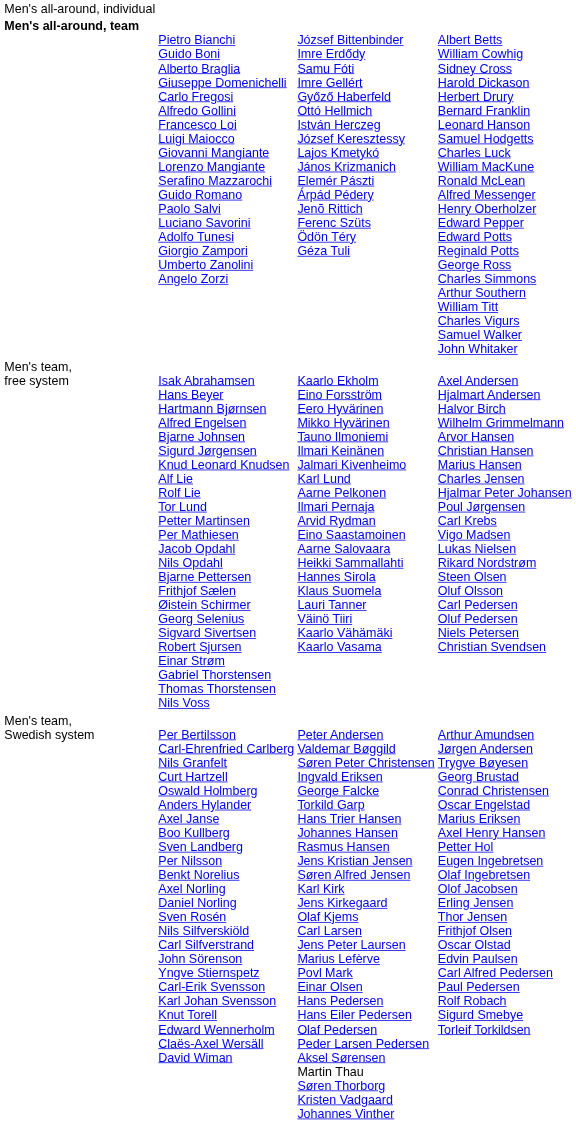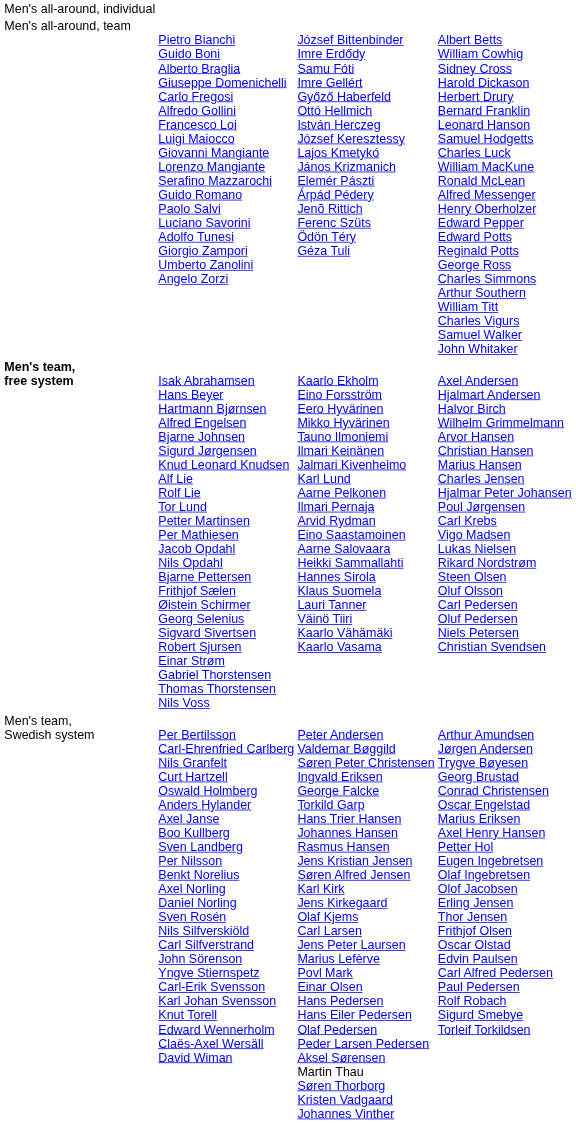 <table>
 <tr>
 <td>Men's all-around, individual <br></td>
 <td></td>
 <td></td>
 <td></td>
 </tr>
 <tr valign="top">
-<td><strong>Men's all-around, team <br></strong></td>
+<td>Men's all-around, team <br></td>
 <td><br><a href='#'>Pietro Bianchi</a><br><a href='#'>Guido Boni</a><br><a href='#'>Alberto Braglia</a><br><a href='#'>Giuseppe Domenichelli</a><br><a href='#'>Carlo Fregosi</a><br><a href='#'>Alfredo Gollini</a><br><a href='#'>Francesco Loi</a><br><a href='#'>Luigi Maiocco</a><br><a href='#'>Giovanni Mangiante</a><br><a href='#'>Lorenzo Mangiante</a><br><a href='#'>Serafino Mazzarochi</a><br><a href='#'>Guido Romano</a><br><a href='#'>Paolo Salvi</a><br><a href='#'>Luciano Savorini</a><br><a href='#'>Adolfo Tunesi</a><br><a href='#'>Giorgio Zampori</a><br><a href='#'>Umberto Zanolini</a><br><a href='#'>Angelo Zorzi</a></td>
 <td><br><a href='#'>József Bittenbinder</a><br><a href='#'>Imre Erdődy</a><br><a href='#'>Samu Fóti</a><br><a href='#'>Imre Gellért</a><br><a href='#'>Győző Haberfeld</a><br><a href='#'>Ottó Hellmich</a><br><a href='#'>István Herczeg</a><br><a href='#'>József Keresztessy</a><br><a href='#'>Lajos Kmetykó</a><br><a href='#'>János Krizmanich</a><br><a href='#'>Elemér Pászti</a><br><a href='#'>Árpád Pédery</a><br><a href='#'>Jenõ Rittich</a><br><a href='#'>Ferenc Szüts</a><br><a href='#'>Ödön Téry</a><br><a href='#'>Géza Tuli</a></td>
 <td><br><a href='#'>Albert Betts</a><br><a href='#'>William Cowhig</a><br><a href='#'>Sidney Cross</a><br><a href='#'>Harold Dickason</a><br><a href='#'>Herbert Drury</a><br><a href='#'>Bernard Franklin</a><br><a href='#'>Leonard Hanson</a><br><a href='#'>Samuel Hodgetts</a><br><a href='#'>Charles Luck</a><br><a href='#'>William MacKune</a><br><a href='#'>Ronald McLean</a><br><a href='#'>Alfred Messenger</a><br><a href='#'>Henry Oberholzer</a><br><a href='#'>Edward Pepper</a><br><a href='#'>Edward Potts</a><br><a href='#'>Reginald Potts</a><br><a href='#'>George Ross</a><br><a href='#'>Charles Simmons</a><br><a href='#'>Arthur Southern</a><br><a href='#'>William Titt</a><br><a href='#'>Charles Vigurs</a><br><a href='#'>Samuel Walker</a><br><a href='#'>John Whitaker</a></td>
 </tr>
 <tr valign="top">
-<td>Men's team,<br> free system<br></td>
+<td><strong>Men's team,<br> free system<br></strong></td>
 <td><br><a href='#'>Isak Abrahamsen</a><br><a href='#'>Hans Beyer</a><br><a href='#'>Hartmann Bjørnsen</a><br><a href='#'>Alfred Engelsen</a><br><a href='#'>Bjarne Johnsen</a><br><a href='#'>Sigurd Jørgensen</a><br><a href='#'>Knud Leonard Knudsen</a><br><a href='#'>Alf Lie</a><br><a href='#'>Rolf Lie</a><br><a href='#'>Tor Lund</a><br><a href='#'>Petter Martinsen</a><br><a href='#'>Per Mathiesen</a><br><a href='#'>Jacob Opdahl</a><br><a href='#'>Nils Opdahl</a><br><a href='#'>Bjarne Pettersen</a><br><a href='#'>Frithjof Sælen</a><br><a href='#'>Øistein Schirmer</a><br><a href='#'>Georg Selenius</a><br><a href='#'>Sigvard Sivertsen</a><br><a href='#'>Robert Sjursen</a><br><a href='#'>Einar Strøm</a><br><a href='#'>Gabriel Thorstensen</a><br><a href='#'>Thomas Thorstensen</a><br><a href='#'>Nils Voss</a></td>
 <td><br><a href='#'>Kaarlo Ekholm</a><br><a href='#'>Eino Forsström</a><br><a href='#'>Eero Hyvärinen</a><br><a href='#'>Mikko Hyvärinen</a><br><a href='#'>Tauno Ilmoniemi</a><br><a href='#'>Ilmari Keinänen</a><br><a href='#'>Jalmari Kivenheimo</a><br><a href='#'>Karl Lund</a><br><a href='#'>Aarne Pelkonen</a><br><a href='#'>Ilmari Pernaja</a><br><a href='#'>Arvid Rydman</a><br><a href='#'>Eino Saastamoinen</a><br><a href='#'>Aarne Salovaara</a><br><a href='#'>Heikki Sammallahti</a><br><a href='#'>Hannes Sirola</a><br><a href='#'>Klaus Suomela</a><br><a href='#'>Lauri Tanner</a><br><a href='#'>Väinö Tiiri</a><br><a href='#'>Kaarlo Vähämäki</a><br><a href='#'>Kaarlo Vasama</a></td>
 <td><br><a href='#'>Axel Andersen</a><br><a href='#'>Hjalmart Andersen</a><br><a href='#'>Halvor Birch</a><br><a href='#'>Wilhelm Grimmelmann</a><br><a href='#'>Arvor Hansen</a><br><a href='#'>Christian Hansen</a><br><a href='#'>Marius Hansen</a><br><a href='#'>Charles Jensen</a><br><a href='#'>Hjalmar Peter Johansen</a><br><a href='#'>Poul Jørgensen</a><br><a href='#'>Carl Krebs</a><br><a href='#'>Vigo Madsen</a><br><a href='#'>Lukas Nielsen</a><br><a href='#'>Rikard Nordstrøm</a><br><a href='#'>Steen Olsen</a><br><a href='#'>Oluf Olsson</a><br><a href='#'>Carl Pedersen</a><br><a href='#'>Oluf Pedersen</a><br><a href='#'>Niels Petersen</a><br><a href='#'>Christian Svendsen</a></td>
 </tr>
 <tr valign="top">
 <td>Men's team,<br> Swedish system<br></td>
 <td><br><a href='#'>Per Bertilsson</a><br><a href='#'>Carl-Ehrenfried Carlberg</a><br><a href='#'>Nils Granfelt</a><br><a href='#'>Curt Hartzell</a><br><a href='#'>Oswald Holmberg</a><br><a href='#'>Anders Hylander</a><br><a href='#'>Axel Janse</a><br><a href='#'>Boo Kullberg</a><br><a href='#'>Sven Landberg</a><br><a href='#'>Per Nilsson</a><br><a href='#'>Benkt Norelius</a><br><a href='#'>Axel Norling</a><br><a href='#'>Daniel Norling</a><br><a href='#'>Sven Rosén</a><br><a href='#'>Nils Silfverskiöld</a><br><a href='#'>Carl Silfverstrand</a><br><a href='#'>John Sörenson</a><br><a href='#'>Yngve Stiernspetz</a><br><a href='#'>Carl-Erik Svensson</a><br><a href='#'>Karl Johan Svensson</a><br><a href='#'>Knut Torell</a><br><a href='#'>Edward Wennerholm</a><br><a href='#'>Claës-Axel Wersäll</a><br><a href='#'>David Wiman</a></td>
 <td><br><a href='#'>Peter Andersen</a><br><a href='#'>Valdemar Bøggild</a><br><a href='#'>Søren Peter Christensen</a><br><a href='#'>Ingvald Eriksen</a><br><a href='#'>George Falcke</a><br><a href='#'>Torkild Garp</a><br><a href='#'>Hans Trier Hansen</a><br><a href='#'>Johannes Hansen</a><br><a href='#'>Rasmus Hansen</a><br><a href='#'>Jens Kristian Jensen</a><br><a href='#'>Søren Alfred Jensen</a><br><a href='#'>Karl Kirk</a><br><a href='#'>Jens Kirkegaard</a><br><a href='#'>Olaf Kjems</a><br><a href='#'>Carl Larsen</a><br><a href='#'>Jens Peter Laursen</a><br><a href='#'>Marius Lefèrve</a><br><a href='#'>Povl Mark</a><br><a href='#'>Einar Olsen</a><br><a href='#'>Hans Pedersen</a><br><a href='#'>Hans Eiler Pedersen</a><br><a href='#'>Olaf Pedersen</a><br><a href='#'>Peder Larsen Pedersen</a><br><a href='#'>Aksel Sørensen</a><br>Martin Thau<br><a href='#'>Søren Thorborg</a><br><a href='#'>Kristen Vadgaard</a><br><a href='#'>Johannes Vinther</a></td>
 <td><br><a href='#'>Arthur Amundsen</a><br><a href='#'>Jørgen Andersen</a><br><a href='#'>Trygve Bøyesen</a><br><a href='#'>Georg Brustad</a><br><a href='#'>Conrad Christensen</a><br><a href='#'>Oscar Engelstad</a><br><a href='#'>Marius Eriksen</a><br><a href='#'>Axel Henry Hansen</a><br><a href='#'>Petter Hol</a><br><a href='#'>Eugen Ingebretsen</a><br><a href='#'>Olaf Ingebretsen</a><br><a href='#'>Olof Jacobsen</a><br><a href='#'>Erling Jensen</a><br><a href='#'>Thor Jensen</a><br><a href='#'>Frithjof Olsen</a><br><a href='#'>Oscar Olstad</a><br><a href='#'>Edvin Paulsen</a><br><a href='#'>Carl Alfred Pedersen</a><br><a href='#'>Paul Pedersen</a><br><a href='#'>Rolf Robach</a><br><a href='#'>Sigurd Smebye</a><br><a href='#'>Torleif Torkildsen</a></td>
 </tr>
 </table>
